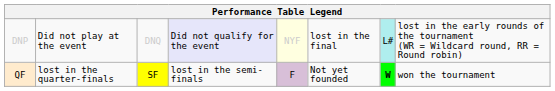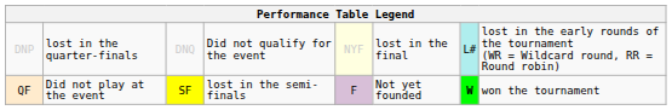 <table class="wikitable" style="font-size:78%;">
 <tr style="background:#efefef;">
 <th colspan="8">Performance Table Legend</th>
 </tr>
 <tr>
 <td style="color:#ccc; text-align:center; width:30px;">DNP</td>
-<td>Did not play at the event</td>
+<td>lost in the quarter-finals</td>
 <td style="color:#ccc; text-align:center; width:30px;">DNQ</td>
-<td style="background: lavender;">Did not qualify for the event</td>
+<td>Did not qualify for the event</td>
 <td style="background: lightyellow; color:#ccc; text-align:center; width:30px;">NYF</td>
 <td>lost in the final</td>
 <td style="text-align:center; background:#afeeee;">L#</td>
 <td>lost in the early rounds of the tournament<br>(WR = Wildcard round, RR = Round robin)</td>
 </tr>
 <tr>
 <td style="text-align:center; background:#ffebcd;">QF</td>
-<td>lost in the quarter-finals</td>
+<td>Did not play at the event</td>
 <td style="text-align:center; background:yellow;">SF</td>
 <td>lost in the semi-finals</td>
 <td style="text-align:center; background:thistle;">F</td>
 <td>Not yet founded</td>
 <td style="text-align:center; background:#0f0;"><strong>W</strong></td>
 <td>won the tournament</td>
 </tr>
 </table>
